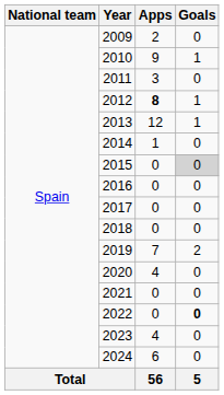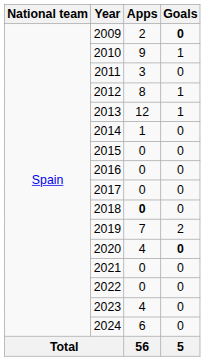 <table class="wikitable" style="text-align:center">
 <tr>
 <th>National team</th>
 <th>Year</th>
 <th>Apps</th>
 <th>Goals</th>
 </tr>
 <tr>
 <td rowspan="16"><a href='#'>Spain</a></td>
 <td>2009</td>
 <td>2</td>
-<td>0</td>
+<td><strong>0</strong></td>
 </tr>
 <tr>
 <td>2010</td>
 <td>9</td>
 <td>1</td>
 </tr>
 <tr>
 <td>2011</td>
 <td>3</td>
 <td>0</td>
 </tr>
 <tr>
 <td>2012</td>
-<td><strong>8</strong></td>
+<td>8</td>
 <td>1</td>
 </tr>
 <tr>
 <td>2013</td>
 <td>12</td>
 <td>1</td>
 </tr>
 <tr>
 <td>2014</td>
 <td>1</td>
 <td>0</td>
 </tr>
 <tr>
 <td>2015</td>
 <td>0</td>
-<td style="background: lightgrey;">0</td>
+<td>0</td>
 </tr>
 <tr>
 <td>2016</td>
 <td>0</td>
 <td>0</td>
 </tr>
 <tr>
 <td>2017</td>
 <td>0</td>
 <td>0</td>
 </tr>
 <tr>
 <td>2018</td>
-<td>0</td>
+<td><strong>0</strong></td>
 <td>0</td>
 </tr>
 <tr>
 <td>2019</td>
 <td>7</td>
 <td>2</td>
 </tr>
 <tr>
 <td>2020</td>
 <td>4</td>
-<td>0</td>
+<td><strong>0</strong></td>
 </tr>
 <tr>
 <td>2021</td>
 <td>0</td>
 <td>0</td>
 </tr>
 <tr>
 <td>2022</td>
 <td>0</td>
-<td><strong>0</strong></td>
+<td>0</td>
 </tr>
 <tr>
 <td>2023</td>
 <td>4</td>
 <td>0</td>
 </tr>
 <tr>
 <td>2024</td>
 <td>6</td>
 <td>0</td>
 </tr>
 <tr>
 <th colspan="2">Total</th>
 <th>56</th>
 <th>5</th>
 </tr>
 </table>
